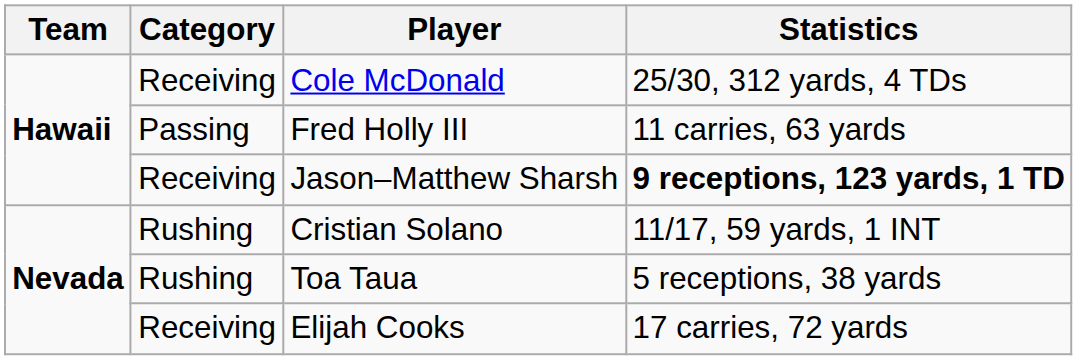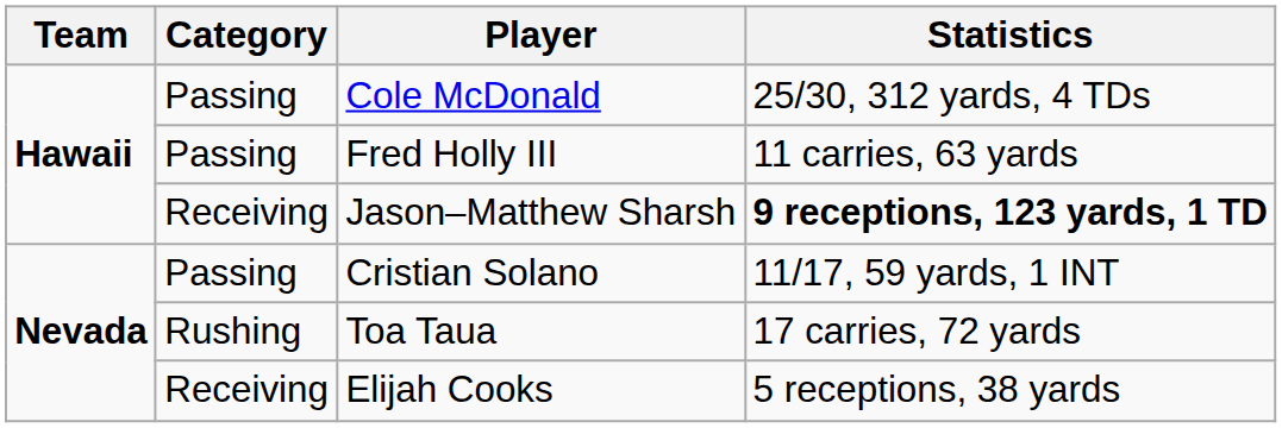 <table class="wikitable" style="float: left;">
 <tr>
 <th>Team</th>
 <th>Category</th>
 <th>Player</th>
 <th>Statistics</th>
 </tr>
 <tr>
 <td rowspan=3><strong>Hawaii</strong></td>
-<td>Receiving</td>
+<td>Passing</td>
 <td><a href='#'>Cole McDonald</a></td>
 <td>25/30, 312 yards, 4 TDs</td>
 </tr>
 <tr>
 <td>Passing</td>
 <td>Fred Holly III</td>
 <td>11 carries, 63 yards</td>
 </tr>
 <tr>
 <td>Receiving</td>
 <td>Jason–Matthew Sharsh</td>
 <td><strong>9 receptions, 123 yards, 1 TD</strong></td>
 </tr>
 <tr>
 <td rowspan=3><strong>Nevada</strong></td>
-<td>Rushing</td>
+<td>Passing</td>
 <td>Cristian Solano</td>
 <td>11/17, 59 yards, 1 INT</td>
 </tr>
 <tr>
 <td>Rushing</td>
 <td>Toa Taua</td>
-<td>5 receptions, 38 yards</td>
+<td>17 carries, 72 yards</td>
 </tr>
 <tr>
 <td>Receiving</td>
 <td>Elijah Cooks</td>
-<td>17 carries, 72 yards</td>
+<td>5 receptions, 38 yards</td>
 </tr>
 </table>
